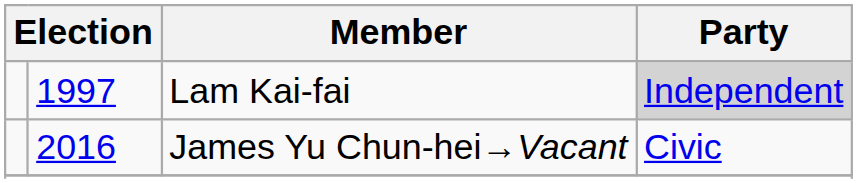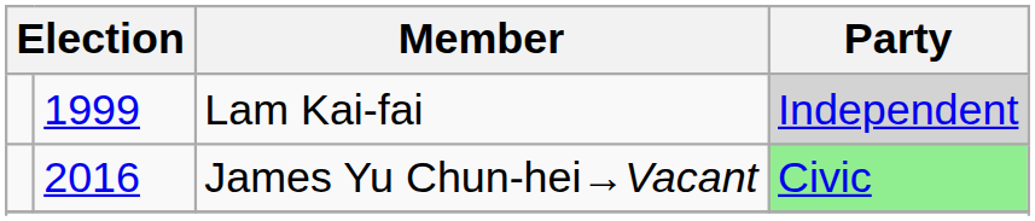 <table class="wikitable">
 <tr>
 <th colspan="2">Election</th>
 <th>Member</th>
 <th>Party</th>
 </tr>
 <tr>
 <td style="background-color: "></td>
-<td><a href='#'>1997</a></td>
+<td><a href='#'>1999</a></td>
 <td>Lam Kai-fai</td>
 <td style="background: lightgrey;"><a href='#'>Independent</a></td>
 </tr>
 <tr>
 <td style="background-color: "></td>
 <td><a href='#'>2016</a></td>
 <td>James Yu Chun-hei→<em>Vacant</em></td>
-<td><a href='#'>Civic</a></td>
+<td style="background: lightgreen;"><a href='#'>Civic</a></td>
 </tr>
 <tr>
 </tr>
 <tr>
 </tr>
 </table>
